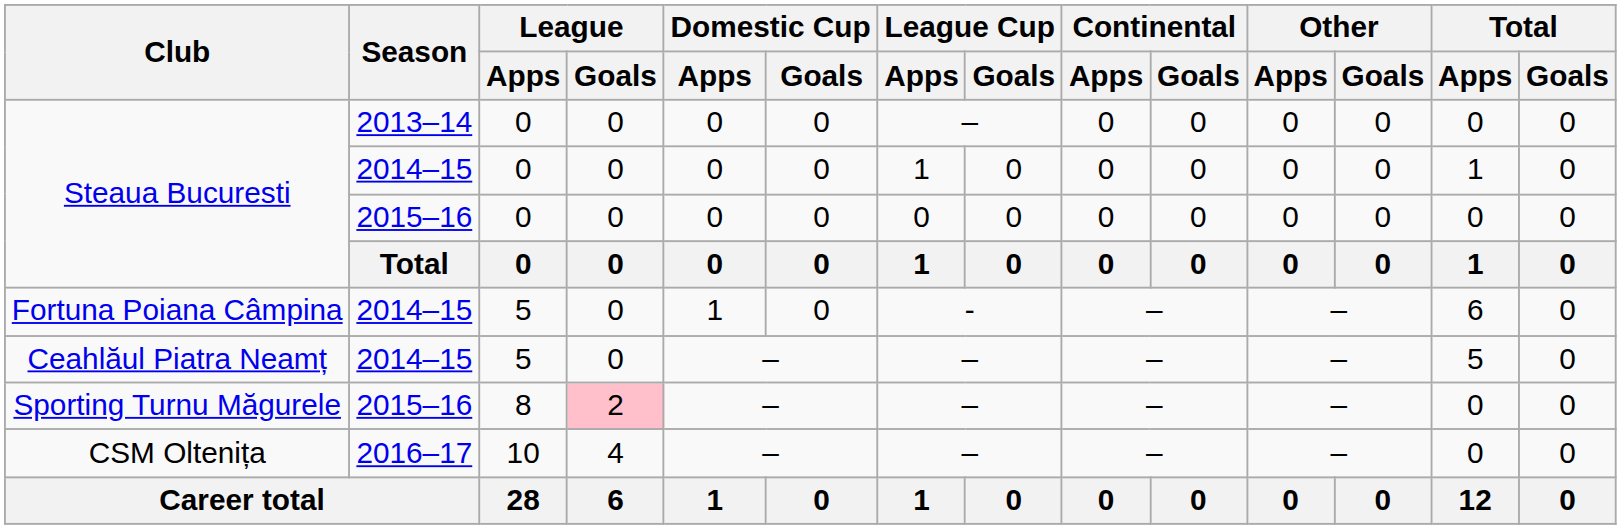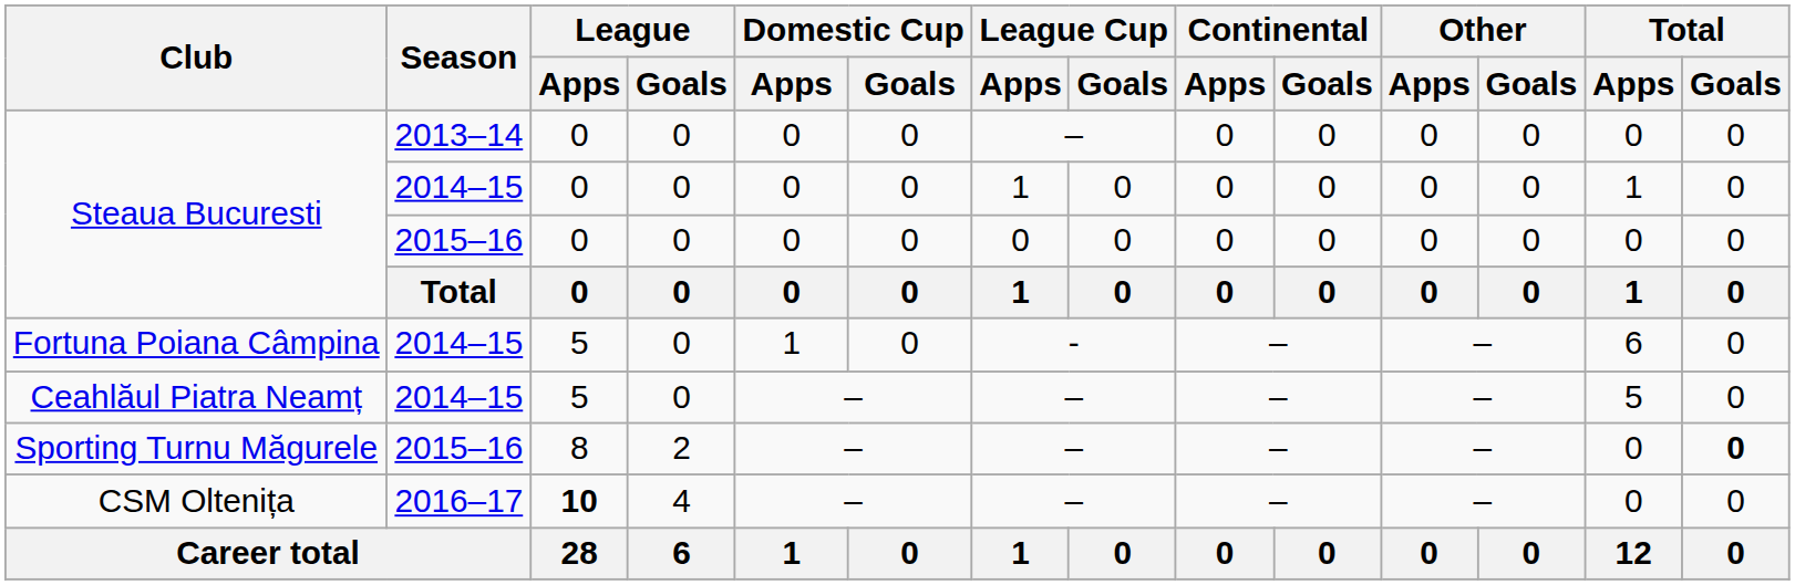 <table class="wikitable" style="text-align:center;">
 <tr>
 <th rowspan=2>Club</th>
 <th rowspan=2>Season</th>
 <th colspan=2>League</th>
 <th colspan=2>Domestic Cup</th>
 <th colspan=2>League Cup</th>
 <th colspan=2>Continental</th>
 <th colspan=2>Other</th>
 <th colspan=2>Total</th>
 </tr>
 <tr>
 <th>Apps</th>
 <th>Goals</th>
 <th>Apps</th>
 <th>Goals</th>
 <th>Apps</th>
 <th>Goals</th>
 <th>Apps</th>
 <th>Goals</th>
 <th>Apps</th>
 <th>Goals</th>
 <th>Apps</th>
 <th>Goals</th>
 </tr>
 <tr>
 <td rowspan=4><a href='#'>Steaua Bucuresti</a></td>
 <td><a href='#'>2013–14</a></td>
 <td>0</td>
 <td>0</td>
 <td>0</td>
 <td>0</td>
 <td colspan="2">–</td>
 <td>0</td>
 <td>0</td>
 <td>0</td>
 <td>0</td>
 <td>0</td>
 <td>0</td>
 </tr>
 <tr>
 <td><a href='#'>2014–15</a></td>
 <td>0</td>
 <td>0</td>
 <td>0</td>
 <td>0</td>
 <td>1</td>
 <td>0</td>
 <td>0</td>
 <td>0</td>
 <td>0</td>
 <td>0</td>
 <td>1</td>
 <td>0</td>
 </tr>
 <tr>
 <td><a href='#'>2015–16</a></td>
 <td>0</td>
 <td>0</td>
 <td>0</td>
 <td>0</td>
 <td>0</td>
 <td>0</td>
 <td>0</td>
 <td>0</td>
 <td>0</td>
 <td>0</td>
 <td>0</td>
 <td>0</td>
 </tr>
 <tr>
 <th>Total</th>
 <th>0</th>
 <th>0</th>
 <th>0</th>
 <th>0</th>
 <th>1</th>
 <th>0</th>
 <th>0</th>
 <th>0</th>
 <th>0</th>
 <th>0</th>
 <th>1</th>
 <th>0</th>
 </tr>
 <tr>
 <td><a href='#'>Fortuna Poiana Câmpina</a></td>
 <td><a href='#'>2014–15</a></td>
 <td>5</td>
 <td>0</td>
 <td>1</td>
 <td>0</td>
 <td colspan="2">-</td>
 <td colspan="2">–</td>
 <td colspan="2">–</td>
 <td>6</td>
 <td>0</td>
 </tr>
 <tr>
 <td><a href='#'>Ceahlăul Piatra Neamț</a></td>
 <td><a href='#'>2014–15</a></td>
 <td>5</td>
 <td>0</td>
 <td colspan="2">–</td>
 <td colspan="2">–</td>
 <td colspan="2">–</td>
 <td colspan="2">–</td>
 <td>5</td>
 <td>0</td>
 </tr>
 <tr>
 <td><a href='#'>Sporting Turnu Măgurele</a></td>
 <td><a href='#'>2015–16</a></td>
 <td>8</td>
-<td style="background: pink;">2</td>
+<td>2</td>
 <td colspan="2">–</td>
 <td colspan="2">–</td>
 <td colspan="2">–</td>
 <td colspan="2">–</td>
 <td>0</td>
-<td>0</td>
+<td><strong>0</strong></td>
 </tr>
 <tr>
 <td>CSM Oltenița</td>
 <td><a href='#'>2016–17</a></td>
-<td>10</td>
+<td><strong>10</strong></td>
 <td>4</td>
 <td colspan="2">–</td>
 <td colspan="2">–</td>
 <td colspan="2">–</td>
 <td colspan="2">–</td>
 <td>0</td>
 <td>0</td>
 </tr>
 <tr>
 <th colspan=2>Career total</th>
 <th>28</th>
 <th>6</th>
 <th>1</th>
 <th>0</th>
 <th>1</th>
 <th>0</th>
 <th>0</th>
 <th>0</th>
 <th>0</th>
 <th>0</th>
 <th>12</th>
 <th>0</th>
 </tr>
 </table>
